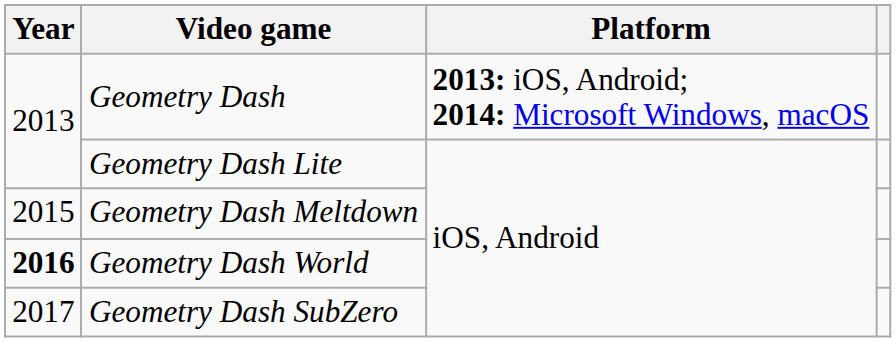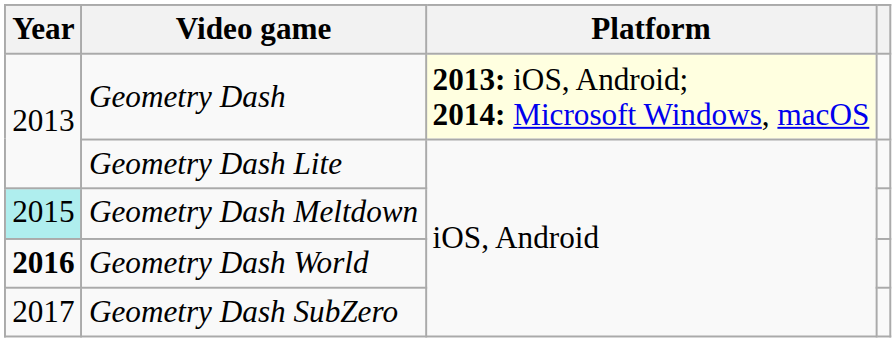 <table class="wikitable sortable">
 <tr>
 <th>Year</th>
 <th>Video game</th>
 <th>Platform</th>
 <th class="unsortable"></th>
 </tr>
 <tr>
 <td rowspan="2">2013</td>
 <td><em>Geometry Dash</em></td>
-<td><strong>2013:</strong> iOS, Android; <br> <strong>2014:</strong> <a href='#'>Microsoft Windows</a>, <a href='#'>macOS</a> <br></td>
+<td style="background: lightyellow;"><strong>2013:</strong> iOS, Android; <br> <strong>2014:</strong> <a href='#'>Microsoft Windows</a>, <a href='#'>macOS</a> <br></td>
 <td><br></td>
 </tr>
 <tr>
 <td><em>Geometry Dash Lite</em></td>
 <td rowspan="4">iOS, Android</td>
 <td></td>
 </tr>
 <tr>
-<td>2015</td>
+<td style="background: paleturquoise;">2015</td>
 <td><em>Geometry Dash Meltdown</em></td>
 <td></td>
 </tr>
 <tr>
 <td><strong>2016</strong></td>
 <td><em>Geometry Dash World</em></td>
 <td></td>
 </tr>
 <tr>
 <td>2017</td>
 <td><em>Geometry Dash SubZero</em></td>
 <td></td>
 </tr>
 </table>
